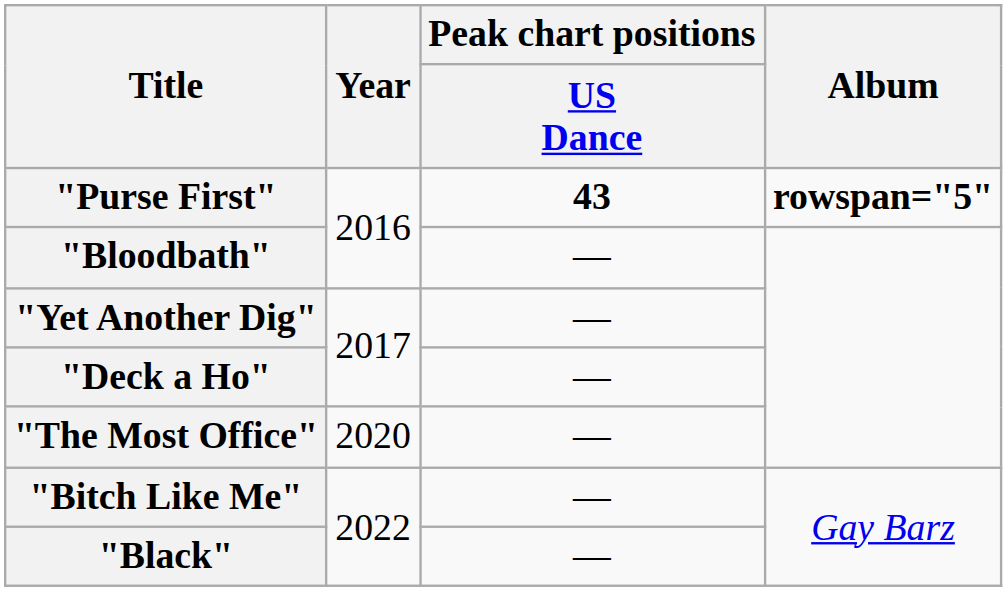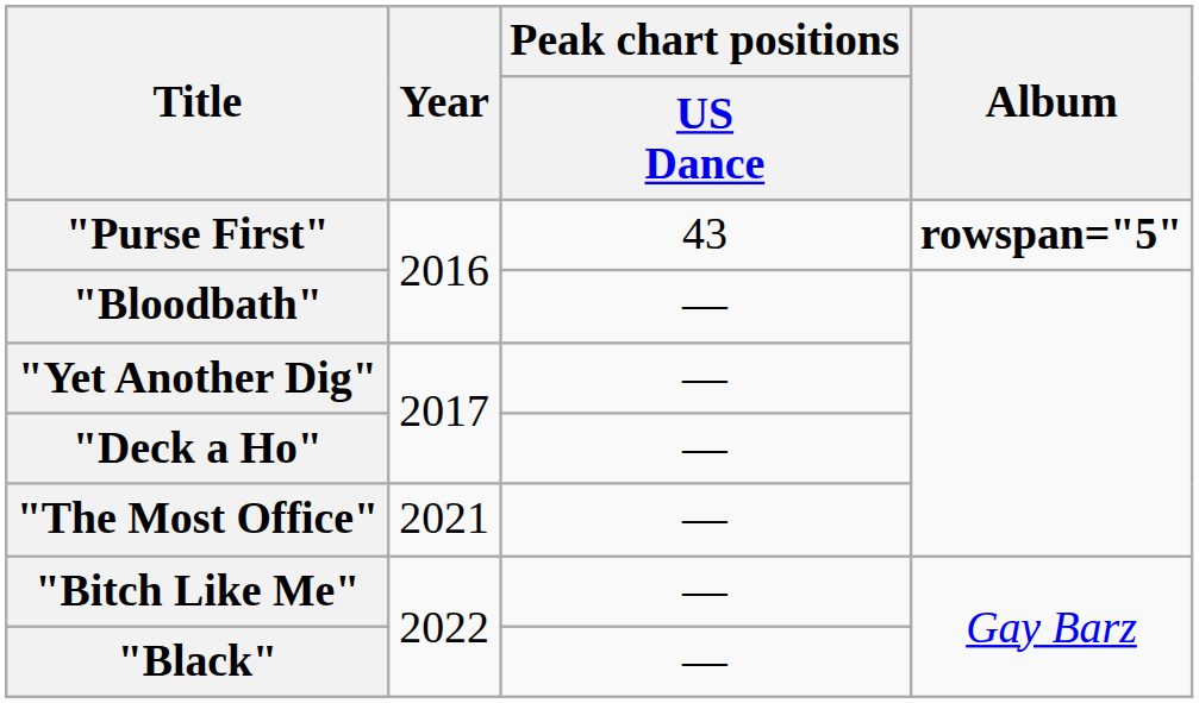 <table class="wikitable plainrowheaders" style="text-align:center;" border="1">
 <tr>
 <th scope="col" rowspan="2">Title</th>
 <th scope="col" rowspan="2">Year</th>
 <th scope="col" colspan="1">Peak chart positions</th>
 <th scope="col" rowspan="2">Album</th>
 </tr>
 <tr>
 <th scope="col"><a href='#'>US<br>Dance</a><br></th>
 </tr>
 <tr>
 <th scope="row">"Purse First" </th>
 <td rowspan="2">2016</td>
-<td><strong>43</strong></td>
+<td>43</td>
 <td><strong>rowspan="5" </strong></td>
 </tr>
 <tr>
 <th scope="row">"Bloodbath" </th>
 <td>—</td>
 </tr>
 <tr>
 <th scope="row">"Yet Another Dig" </th>
 <td rowspan="2">2017</td>
 <td>—</td>
 </tr>
 <tr>
 <th scope="row">"Deck a Ho" </th>
 <td>—</td>
 </tr>
 <tr>
 <th scope="row">"The Most Office"<br></th>
-<td>2020</td>
+<td>2021</td>
 <td>—</td>
 </tr>
 <tr>
 <th scope="row">"Bitch Like Me"</th>
 <td rowspan="2">2022</td>
 <td>—</td>
 <td rowspan="2"><em><a href='#'>Gay Barz</a></em></td>
 </tr>
 <tr>
 <th scope="row">"Black"<br></th>
 <td>—</td>
 </tr>
 </table>
